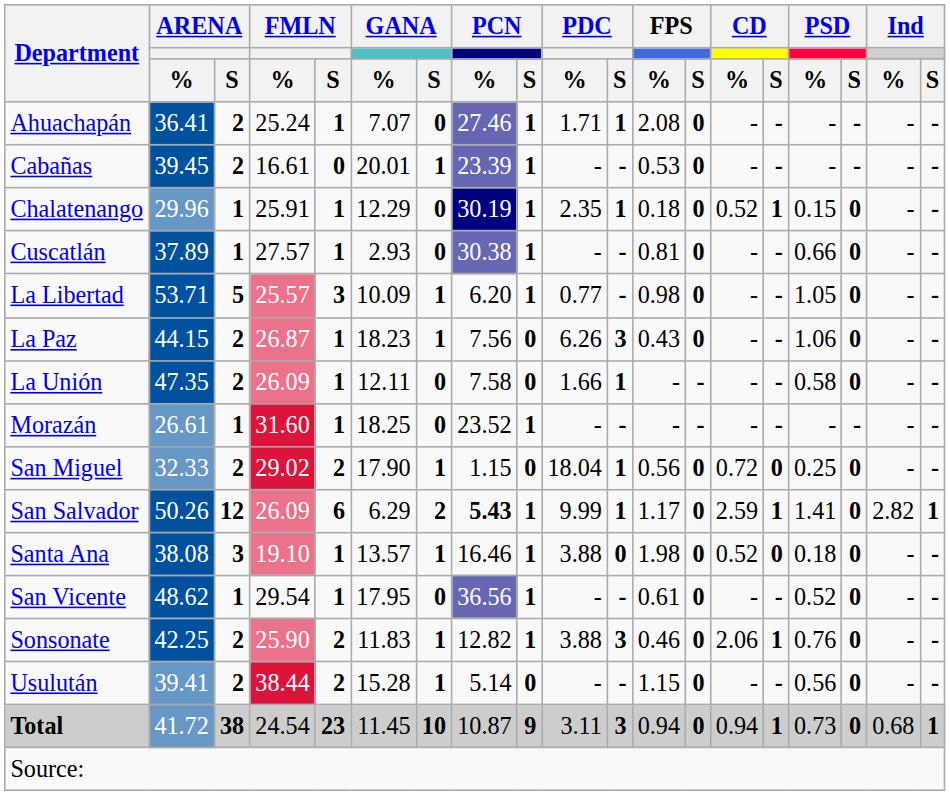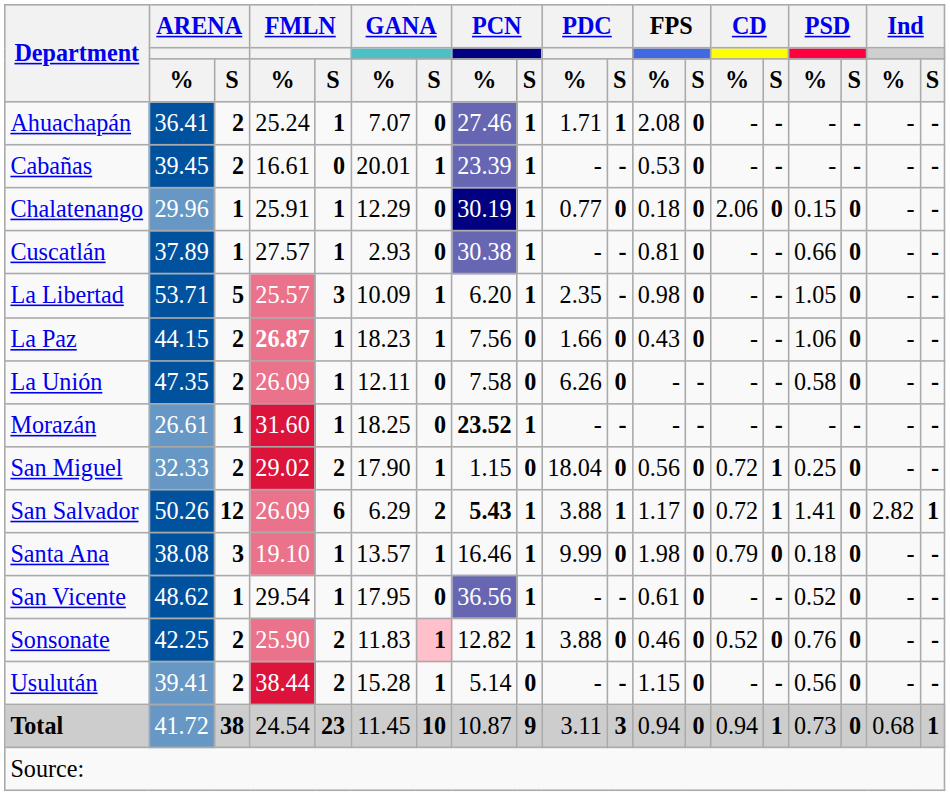 <table class="wikitable sortable" style="text-align:right; font-size:95%; line-height:20px;">
 <tr>
 <th rowspan="3"><a href='#'>Department</a></th>
 <th colspan="2" width="30px"><a href='#'>ARENA</a></th>
 <th colspan="2" width="30px"><a href='#'>FMLN</a></th>
 <th colspan="2" width="30px"><a href='#'>GANA</a></th>
 <th colspan="2" width="30px"><a href='#'>PCN</a></th>
 <th colspan="2" width="30px"><a href='#'>PDC</a></th>
 <th colspan="2" width="30px">FPS</th>
 <th colspan="2" width="30px"><a href='#'>CD</a></th>
 <th colspan="2" width="30px"><a href='#'>PSD</a></th>
 <th colspan="2" width="30px"><a href='#'>Ind</a></th>
 </tr>
 <tr>
 <th colspan="2" style="background:"></th>
 <th colspan="2" style="background:"></th>
 <th colspan="2" style="background:#4BC0C7"></th>
 <th colspan="2" style="background:#000080"></th>
 <th colspan="2" style="background:"></th>
 <th colspan="2" style="background:royalblue"></th>
 <th colspan="2" style="background:#FFFF00"></th>
 <th colspan="2" style="background:#FF0040"></th>
 <th colspan="2" style="background:#CFCFCF"></th>
 </tr>
 <tr>
 <th data-sort-type="number">%</th>
 <th data-sort-type="number">S</th>
 <th data-sort-type="number">%</th>
 <th data-sort-type="number">S</th>
 <th data-sort-type="number">%</th>
 <th data-sort-type="number">S</th>
 <th data-sort-type="number">%</th>
 <th data-sort-type="number">S</th>
 <th data-sort-type="number">%</th>
 <th data-sort-type="number">S</th>
 <th data-sort-type="number">%</th>
 <th data-sort-type="number">S</th>
 <th data-sort-type="number">%</th>
 <th data-sort-type="number">S</th>
 <th data-sort-type="number">%</th>
 <th data-sort-type="number">S</th>
 <th data-sort-type="number">%</th>
 <th data-sort-type="number">S</th>
 </tr>
 <tr>
 <td align="left"><a href='#'>Ahuachapán</a></td>
 <td style="background:#00529F; color:white;">36.41</td>
 <td><strong>2</strong></td>
 <td>25.24</td>
 <td><strong>1</strong></td>
 <td>7.07</td>
 <td><strong>0</strong></td>
 <td style="background:#6666B3; color:white;">27.46</td>
 <td><strong>1</strong></td>
 <td>1.71</td>
 <td><strong>1</strong></td>
 <td>2.08</td>
 <td><strong>0</strong></td>
 <td>-</td>
 <td><strong>-</strong></td>
 <td>-</td>
 <td><strong>-</strong></td>
 <td>-</td>
 <td><strong>-</strong></td>
 </tr>
 <tr>
 <td align="left"><a href='#'>Cabañas</a></td>
 <td style="background:#00529F; color:white;">39.45</td>
 <td><strong>2</strong></td>
 <td>16.61</td>
 <td><strong>0</strong></td>
 <td>20.01</td>
 <td><strong>1</strong></td>
 <td style="background:#6666B3; color:white;">23.39</td>
 <td><strong>1</strong></td>
 <td>-</td>
 <td><strong>-</strong></td>
 <td>0.53</td>
 <td><strong>0</strong></td>
 <td>-</td>
 <td><strong>-</strong></td>
 <td>-</td>
 <td><strong>-</strong></td>
 <td>-</td>
 <td><strong>-</strong></td>
 </tr>
 <tr>
 <td align="left"><a href='#'>Chalatenango</a></td>
 <td style="background:#6697C5; color:white;">29.96</td>
 <td><strong>1</strong></td>
 <td>25.91</td>
 <td><strong>1</strong></td>
 <td>12.29</td>
 <td><strong>0</strong></td>
 <td style="background:#000080; color:white;">30.19</td>
 <td><strong>1</strong></td>
-<td>2.35</td>
-<td><strong>1</strong></td>
+<td>0.77</td>
+<td><strong>0</strong></td>
 <td>0.18</td>
 <td><strong>0</strong></td>
-<td>0.52</td>
-<td><strong>1</strong></td>
+<td>2.06</td>
+<td><strong>0</strong></td>
 <td>0.15</td>
 <td><strong>0</strong></td>
 <td>-</td>
 <td><strong>-</strong></td>
 </tr>
 <tr>
 <td align="left"><a href='#'>Cuscatlán</a></td>
 <td style="background:#00529F; color:white;">37.89</td>
 <td><strong>1</strong></td>
 <td>27.57</td>
 <td><strong>1</strong></td>
 <td>2.93</td>
 <td><strong>0</strong></td>
 <td style="background:#6666B3; color:white;">30.38</td>
 <td><strong>1</strong></td>
 <td>-</td>
 <td><strong>-</strong></td>
 <td>0.81</td>
 <td><strong>0</strong></td>
 <td>-</td>
 <td><strong>-</strong></td>
 <td>0.66</td>
 <td><strong>0</strong></td>
 <td>-</td>
 <td><strong>-</strong></td>
 </tr>
 <tr>
 <td align="left"><a href='#'>La Libertad</a></td>
 <td style="background:#00529F; color:white;">53.71</td>
 <td><strong>5</strong></td>
 <td style="background:#ea728a; color:white;">25.57</td>
 <td><strong>3</strong></td>
 <td>10.09</td>
 <td><strong>1</strong></td>
 <td>6.20</td>
 <td><strong>1</strong></td>
-<td>0.77</td>
+<td>2.35</td>
 <td><strong>-</strong></td>
 <td>0.98</td>
 <td><strong>0</strong></td>
 <td>-</td>
 <td><strong>-</strong></td>
 <td>1.05</td>
 <td><strong>0</strong></td>
 <td>-</td>
 <td><strong>-</strong></td>
 </tr>
 <tr>
 <td align="left"><a href='#'>La Paz</a></td>
 <td style="background:#00529F; color:white;">44.15</td>
 <td><strong>2</strong></td>
-<td style="background:#ea728a; color:white;">26.87</td>
+<td style="background:#ea728a; color:white;"><strong>26.87</strong></td>
 <td><strong>1</strong></td>
 <td>18.23</td>
 <td><strong>1</strong></td>
 <td>7.56</td>
 <td><strong>0</strong></td>
-<td>6.26</td>
-<td><strong>3</strong></td>
+<td>1.66</td>
+<td><strong>0</strong></td>
 <td>0.43</td>
 <td><strong>0</strong></td>
 <td>-</td>
 <td><strong>-</strong></td>
 <td>1.06</td>
 <td><strong>0</strong></td>
 <td>-</td>
 <td><strong>-</strong></td>
 </tr>
 <tr>
 <td align="left"><a href='#'>La Unión</a></td>
 <td style="background:#00529F; color:white;">47.35</td>
 <td><strong>2</strong></td>
 <td style="background:#ea728a; color:white;">26.09</td>
 <td><strong>1</strong></td>
 <td>12.11</td>
 <td><strong>0</strong></td>
 <td>7.58</td>
 <td><strong>0</strong></td>
-<td>1.66</td>
-<td><strong>1</strong></td>
+<td>6.26</td>
+<td><strong>0</strong></td>
 <td>-</td>
 <td><strong>-</strong></td>
 <td>-</td>
 <td><strong>-</strong></td>
 <td>0.58</td>
 <td><strong>0</strong></td>
 <td>-</td>
 <td><strong>-</strong></td>
 </tr>
 <tr>
 <td align="left"><a href='#'>Morazán</a></td>
 <td style="background:#6697C5; color:white;">26.61</td>
 <td><strong>1</strong></td>
 <td style="background:#dc143c; color:white;">31.60</td>
 <td><strong>1</strong></td>
 <td>18.25</td>
 <td><strong>0</strong></td>
-<td>23.52</td>
+<td><strong>23.52</strong></td>
 <td><strong>1</strong></td>
 <td>-</td>
 <td><strong>-</strong></td>
 <td>-</td>
 <td><strong>-</strong></td>
 <td>-</td>
 <td><strong>-</strong></td>
 <td>-</td>
 <td><strong>-</strong></td>
 <td>-</td>
 <td><strong>-</strong></td>
 </tr>
 <tr>
 <td align="left"><a href='#'>San Miguel</a></td>
 <td style="background:#6697C5; color:white;">32.33</td>
 <td><strong>2</strong></td>
 <td style="background:#dc143c; color:white;">29.02</td>
 <td><strong>2</strong></td>
 <td>17.90</td>
 <td><strong>1</strong></td>
 <td>1.15</td>
 <td><strong>0</strong></td>
 <td>18.04</td>
-<td><strong>1</strong></td>
+<td><strong>0</strong></td>
 <td>0.56</td>
 <td><strong>0</strong></td>
 <td>0.72</td>
-<td><strong>0</strong></td>
+<td><strong>1</strong></td>
 <td>0.25</td>
 <td><strong>0</strong></td>
 <td>-</td>
 <td><strong>-</strong></td>
 </tr>
 <tr>
 <td align="left"><a href='#'>San Salvador</a></td>
 <td style="background:#00529F; color:white;">50.26</td>
 <td><strong>12</strong></td>
 <td style="background:#ea728a; color:white;">26.09</td>
 <td><strong>6</strong></td>
 <td>6.29</td>
 <td><strong>2</strong></td>
 <td><strong>5.43</strong></td>
 <td><strong>1</strong></td>
-<td>9.99</td>
+<td>3.88</td>
 <td><strong>1</strong></td>
 <td>1.17</td>
 <td><strong>0</strong></td>
-<td>2.59</td>
+<td>0.72</td>
 <td><strong>1</strong></td>
 <td>1.41</td>
 <td><strong>0</strong></td>
 <td>2.82</td>
 <td><strong>1</strong></td>
 </tr>
 <tr>
 <td align="left"><a href='#'>Santa Ana</a></td>
 <td style="background:#00529F; color:white;">38.08</td>
 <td><strong>3</strong></td>
 <td style="background:#ea728a; color:white;">19.10</td>
 <td><strong>1</strong></td>
 <td>13.57</td>
 <td><strong>1</strong></td>
 <td>16.46</td>
 <td><strong>1</strong></td>
-<td>3.88</td>
+<td>9.99</td>
 <td><strong>0</strong></td>
 <td>1.98</td>
 <td><strong>0</strong></td>
-<td>0.52</td>
+<td>0.79</td>
 <td><strong>0</strong></td>
 <td>0.18</td>
 <td><strong>0</strong></td>
 <td>-</td>
 <td><strong>-</strong></td>
 </tr>
 <tr>
 <td align="left"><a href='#'>San Vicente</a></td>
 <td style="background:#00529F; color:white;">48.62</td>
 <td><strong>1</strong></td>
 <td>29.54</td>
 <td><strong>1</strong></td>
 <td>17.95</td>
 <td><strong>0</strong></td>
 <td style="background:#6666B3; color:white;">36.56</td>
 <td><strong>1</strong></td>
 <td>-</td>
 <td><strong>-</strong></td>
 <td>0.61</td>
 <td><strong>0</strong></td>
 <td>-</td>
 <td><strong>-</strong></td>
 <td>0.52</td>
 <td><strong>0</strong></td>
 <td>-</td>
 <td><strong>-</strong></td>
 </tr>
 <tr>
 <td align="left"><a href='#'>Sonsonate</a></td>
 <td style="background:#00529F; color:white;">42.25</td>
 <td><strong>2</strong></td>
 <td style="background:#ea728a; color:white;">25.90</td>
 <td><strong>2</strong></td>
 <td>11.83</td>
-<td><strong>1</strong></td>
+<td style="background: pink;"><strong>1</strong></td>
 <td>12.82</td>
 <td><strong>1</strong></td>
 <td>3.88</td>
-<td><strong>3</strong></td>
+<td><strong>0</strong></td>
 <td>0.46</td>
 <td><strong>0</strong></td>
-<td>2.06</td>
-<td><strong>1</strong></td>
+<td>0.52</td>
+<td><strong>0</strong></td>
 <td>0.76</td>
 <td><strong>0</strong></td>
 <td>-</td>
 <td><strong>-</strong></td>
 </tr>
 <tr>
 <td align="left"><a href='#'>Usulután</a></td>
 <td style="background:#6697C5; color:white;">39.41</td>
 <td><strong>2</strong></td>
 <td style="background:#dc143c; color:white;">38.44</td>
 <td><strong>2</strong></td>
 <td>15.28</td>
 <td><strong>1</strong></td>
 <td>5.14</td>
 <td><strong>0</strong></td>
 <td>-</td>
 <td><strong>-</strong></td>
 <td>1.15</td>
 <td><strong>0</strong></td>
 <td>-</td>
 <td><strong>-</strong></td>
 <td>0.56</td>
 <td><strong>0</strong></td>
 <td>-</td>
 <td><strong>-</strong></td>
 </tr>
 <tr style="background:#CDCDCD;">
 <td align="left"><strong>Total</strong></td>
 <td style="background:#6697C5; color:white;">41.72</td>
 <td><strong>38</strong></td>
 <td>24.54</td>
 <td><strong>23</strong></td>
 <td>11.45</td>
 <td><strong>10</strong></td>
 <td>10.87</td>
 <td><strong>9</strong></td>
 <td>3.11</td>
 <td><strong>3</strong></td>
 <td>0.94</td>
 <td><strong>0</strong></td>
 <td>0.94</td>
 <td><strong>1</strong></td>
 <td>0.73</td>
 <td><strong>0</strong></td>
 <td>0.68</td>
 <td><strong>1</strong></td>
 </tr>
 <tr>
 <td align=left colspan=25>Source: </td>
 </tr>
 </table>
